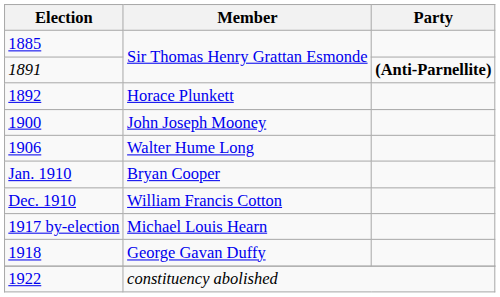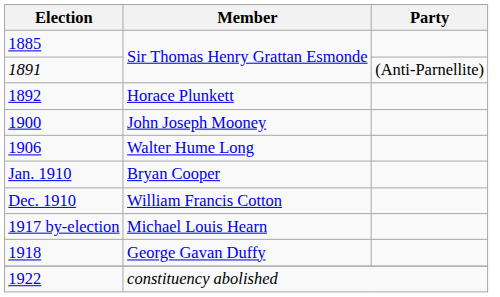 <table class="wikitable">
 <tr>
 <th>Election</th>
 <th>Member</th>
 <th colspan="2">Party</th>
 </tr>
 <tr>
 <td><a href='#'>1885</a></td>
 <td rowspan="2"><a href='#'>Sir Thomas Henry Grattan Esmonde</a></td>
 <td></td>
 </tr>
 <tr>
 <td><em>1891</em></td>
-<td><strong> (Anti-Parnellite)</strong></td>
+<td> (Anti-Parnellite)</td>
 </tr>
 <tr>
 <td><a href='#'>1892</a></td>
 <td><a href='#'>Horace Plunkett</a></td>
 <td></td>
 </tr>
 <tr>
 <td><a href='#'>1900</a></td>
 <td><a href='#'>John Joseph Mooney</a></td>
 <td></td>
 </tr>
 <tr>
 <td><a href='#'>1906</a></td>
 <td><a href='#'>Walter Hume Long</a></td>
 <td></td>
 </tr>
 <tr>
 <td><a href='#'>Jan. 1910</a></td>
 <td><a href='#'>Bryan Cooper</a></td>
 <td></td>
 </tr>
 <tr>
 <td><a href='#'>Dec. 1910</a></td>
 <td><a href='#'>William Francis Cotton</a></td>
 <td></td>
 </tr>
 <tr>
 <td><a href='#'>1917 by-election</a></td>
 <td><a href='#'>Michael Louis Hearn</a></td>
 <td></td>
 </tr>
 <tr>
 <td><a href='#'>1918</a></td>
 <td><a href='#'>George Gavan Duffy</a></td>
 <td></td>
 </tr>
 <tr>
 </tr>
 <tr>
 <td><a href='#'>1922</a></td>
 <td colspan="3"><em>constituency abolished</em></td>
 </tr>
 </table>
